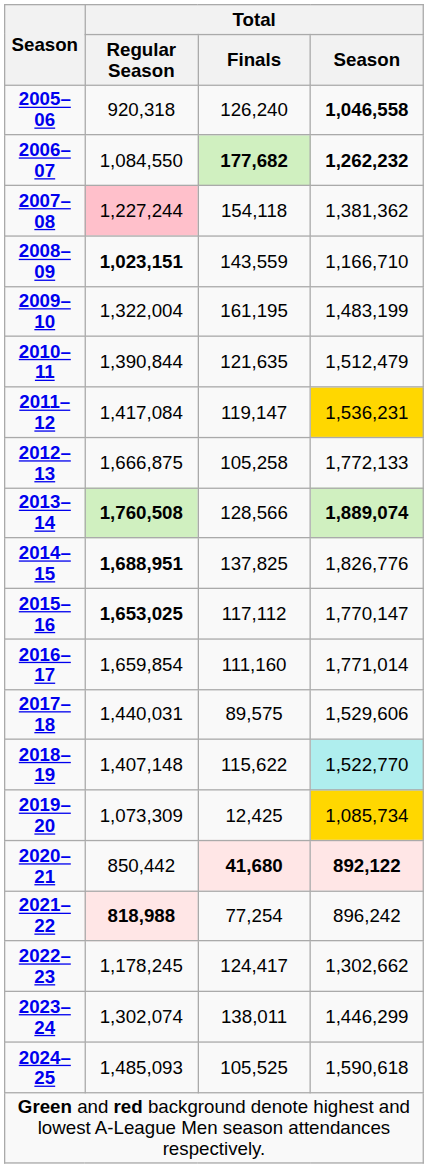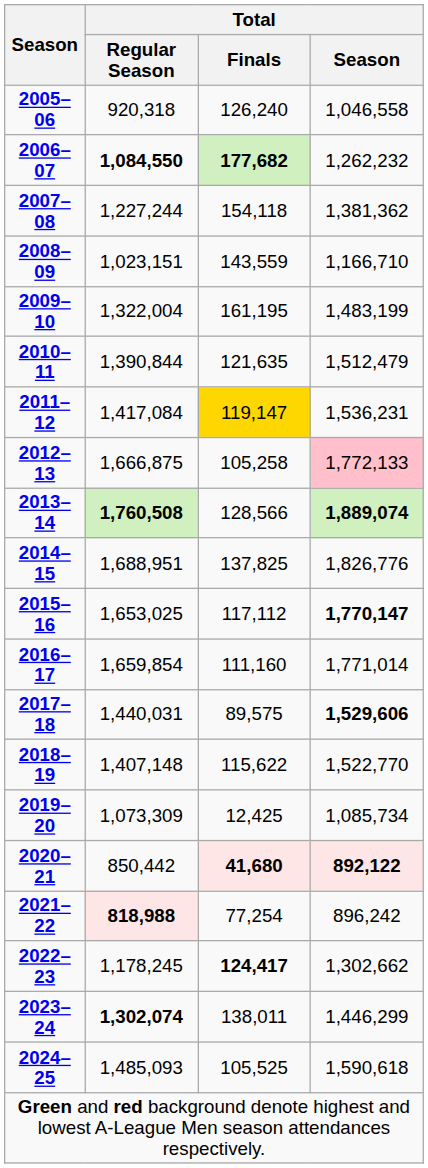 <table class="wikitable" style="text-align:center; font-size:90%">
 <tr>
 <th rowspan="2" style="width:55px; text-align:center;">Season</th>
 <th colspan=3>Total</th>
 </tr>
 <tr>
 <th width=80>Regular Season</th>
 <th width=80>Finals</th>
 <th width=80>Season</th>
 </tr>
 <tr>
 <td><strong><a href='#'>2005–06</a></strong></td>
 <td>920,318</td>
 <td>126,240</td>
-<td><strong>1,046,558</strong></td>
+<td>1,046,558</td>
 </tr>
 <tr>
 <td><strong><a href='#'>2006–07</a></strong></td>
-<td>1,084,550</td>
+<td><strong>1,084,550</strong></td>
 <td style="background: #D0F0C0;"><strong>177,682</strong></td>
-<td><strong>1,262,232</strong></td>
+<td>1,262,232</td>
 </tr>
 <tr>
 <td><strong><a href='#'>2007–08</a></strong></td>
-<td style="background: pink;">1,227,244</td>
+<td>1,227,244</td>
 <td>154,118</td>
 <td>1,381,362</td>
 </tr>
 <tr>
 <td><strong><a href='#'>2008–09</a></strong></td>
-<td><strong>1,023,151</strong></td>
+<td>1,023,151</td>
 <td>143,559</td>
 <td>1,166,710</td>
 </tr>
 <tr>
 <td><strong><a href='#'>2009–10</a></strong></td>
 <td>1,322,004</td>
 <td>161,195</td>
 <td>1,483,199</td>
 </tr>
 <tr>
 <td><strong><a href='#'>2010–11</a></strong></td>
 <td>1,390,844</td>
 <td>121,635</td>
 <td>1,512,479</td>
 </tr>
 <tr>
 <td><strong><a href='#'>2011–12</a></strong></td>
 <td>1,417,084</td>
-<td>119,147</td>
-<td style="background: gold;">1,536,231</td>
+<td style="background: gold;">119,147</td>
+<td>1,536,231</td>
 </tr>
 <tr>
 <td><strong><a href='#'>2012–13</a></strong></td>
 <td>1,666,875</td>
 <td>105,258</td>
-<td>1,772,133</td>
+<td style="background: pink;">1,772,133</td>
 </tr>
 <tr>
 <td><strong><a href='#'>2013–14</a></strong></td>
 <td style="background: #D0F0C0;"><strong>1,760,508</strong></td>
 <td>128,566</td>
 <td style="background: #D0F0C0;"><strong>1,889,074</strong></td>
 </tr>
 <tr>
 <td><strong><a href='#'>2014–15</a></strong></td>
-<td><strong>1,688,951</strong></td>
+<td>1,688,951</td>
 <td>137,825</td>
 <td>1,826,776</td>
 </tr>
 <tr>
 <td><strong><a href='#'>2015–16</a></strong></td>
-<td><strong>1,653,025</strong></td>
+<td>1,653,025</td>
 <td>117,112</td>
-<td>1,770,147</td>
+<td><strong>1,770,147</strong></td>
 </tr>
 <tr>
 <td><strong><a href='#'>2016–17</a></strong></td>
 <td>1,659,854</td>
 <td>111,160</td>
 <td>1,771,014</td>
 </tr>
 <tr>
 <td><strong><a href='#'>2017–18</a></strong></td>
 <td>1,440,031</td>
 <td>89,575</td>
-<td>1,529,606</td>
+<td><strong>1,529,606</strong></td>
 </tr>
 <tr>
 <td><strong><a href='#'>2018–19</a></strong></td>
 <td>1,407,148</td>
 <td>115,622</td>
-<td style="background: paleturquoise;">1,522,770</td>
+<td>1,522,770</td>
 </tr>
 <tr>
 <td><strong><a href='#'>2019–20</a></strong></td>
 <td>1,073,309</td>
 <td>12,425</td>
-<td style="background: gold;">1,085,734</td>
+<td>1,085,734</td>
 </tr>
 <tr>
 <td><strong><a href='#'>2020–21</a></strong></td>
 <td>850,442</td>
 <td style="background: #FFE6E6;"><strong>41,680</strong></td>
 <td style="background: #FFE6E6;"><strong>892,122</strong></td>
 </tr>
 <tr>
 <td><strong><a href='#'>2021–22</a></strong></td>
 <td style="background: #FFE6E6;"><strong>818,988</strong></td>
 <td>77,254</td>
 <td>896,242</td>
 </tr>
 <tr>
 <td><strong><a href='#'>2022–23</a></strong></td>
 <td>1,178,245</td>
-<td>124,417</td>
+<td><strong>124,417</strong></td>
 <td>1,302,662</td>
 </tr>
 <tr>
 <td><strong><a href='#'>2023–24</a></strong></td>
-<td>1,302,074</td>
+<td><strong>1,302,074</strong></td>
 <td>138,011</td>
 <td>1,446,299</td>
 </tr>
 <tr>
 <td><strong><a href='#'>2024–25</a></strong></td>
 <td>1,485,093</td>
 <td>105,525</td>
 <td>1,590,618</td>
 </tr>
 <tr>
 <td colspan="4"><span><strong>Green</strong></span> and <span><strong>red</strong></span> background denote highest and lowest A-League Men season attendances respectively.</td>
 </tr>
 </table>
